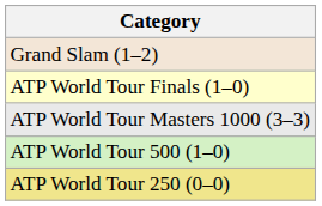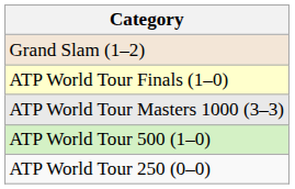 <table class=wikitable>
 <tr>
 <th>Category</th>
 </tr>
 <tr bgcolor=#f3e6d7>
 <td>Grand Slam (1–2)</td>
 </tr>
 <tr bgcolor=ffffcc>
 <td>ATP World Tour Finals (1–0)</td>
 </tr>
 <tr bgcolor=#e9e9e9>
 <td>ATP World Tour Masters 1000 (3–3)</td>
 </tr>
 <tr bgcolor=#d4f1c5>
 <td>ATP World Tour 500 (1–0)</td>
 </tr>
 <tr>
-<td style="background: khaki;">ATP World Tour 250 (0–0)</td>
+<td>ATP World Tour 250 (0–0)</td>
 </tr>
 </table>
